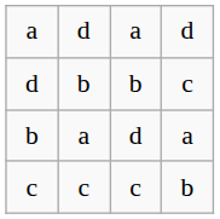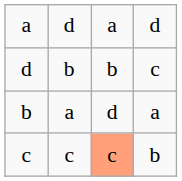 <table class="wikitable" style="margin-left:auto;margin-right:auto;text-align:center;width:8em;height:8em;table-layout:fixed;">
 <tr>
 <td>a</td>
 <td>d</td>
 <td>a</td>
 <td>d</td>
 </tr>
 <tr>
 <td>d</td>
 <td>b</td>
 <td>b</td>
 <td>c</td>
 </tr>
 <tr>
 <td>b</td>
 <td>a</td>
 <td>d</td>
 <td>a</td>
 </tr>
 <tr>
 <td>c</td>
 <td>c</td>
-<td>c</td>
+<td style="background: lightsalmon;">c</td>
 <td>b</td>
 </tr>
 </table>
